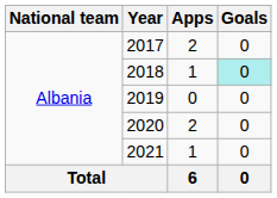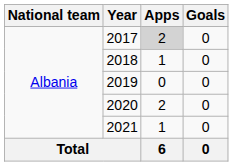 <table class="wikitable" style="text-align:center">
 <tr>
 <th>National team</th>
 <th>Year</th>
 <th>Apps</th>
 <th>Goals</th>
 </tr>
 <tr>
 <td rowspan="5"><a href='#'>Albania</a></td>
 <td>2017</td>
-<td>2</td>
+<td style="background: lightgrey;">2</td>
 <td>0</td>
 </tr>
 <tr>
 <td>2018</td>
 <td>1</td>
-<td style="background: paleturquoise;">0</td>
+<td>0</td>
 </tr>
 <tr>
 <td>2019</td>
 <td>0</td>
 <td>0</td>
 </tr>
 <tr>
 <td>2020</td>
 <td>2</td>
 <td>0</td>
 </tr>
 <tr>
 <td>2021</td>
 <td>1</td>
 <td>0</td>
 </tr>
 <tr>
 <th colspan="2">Total</th>
 <th>6</th>
 <th>0</th>
 </tr>
 </table>
